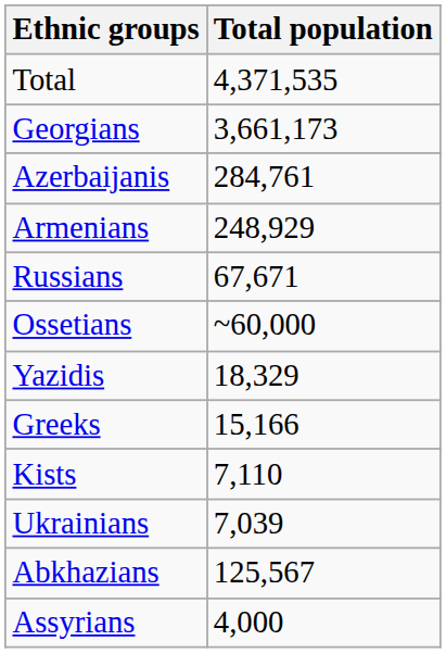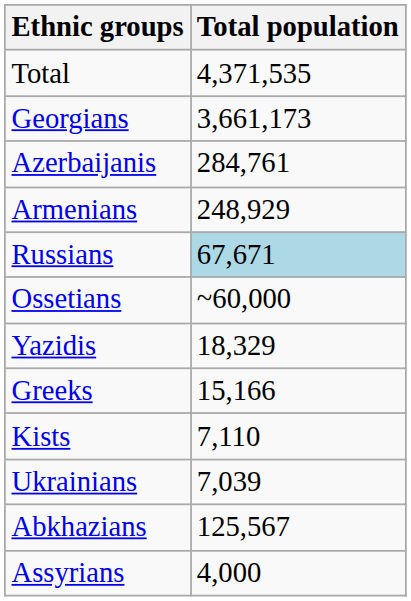 <table class="wikitable">
 <tr>
 <th>Ethnic groups</th>
 <th>Total population</th>
 </tr>
 <tr>
 <td>Total</td>
 <td>4,371,535</td>
 </tr>
 <tr>
 <td><a href='#'>Georgians</a></td>
 <td>3,661,173</td>
 </tr>
 <tr>
 <td><a href='#'>Azerbaijanis</a></td>
 <td>284,761</td>
 </tr>
 <tr>
 <td><a href='#'>Armenians</a></td>
 <td>248,929</td>
 </tr>
 <tr>
 <td><a href='#'>Russians</a></td>
-<td>67,671</td>
+<td style="background: lightblue;">67,671</td>
 </tr>
 <tr>
 <td><a href='#'>Ossetians</a></td>
 <td>~60,000</td>
 </tr>
 <tr>
 <td><a href='#'>Yazidis</a></td>
 <td>18,329</td>
 </tr>
 <tr>
 <td><a href='#'>Greeks</a></td>
 <td>15,166</td>
 </tr>
 <tr>
 <td><a href='#'>Kists</a></td>
 <td>7,110</td>
 </tr>
 <tr>
 <td><a href='#'>Ukrainians</a></td>
 <td>7,039</td>
 </tr>
 <tr>
 <td><a href='#'>Abkhazians</a></td>
 <td>125,567</td>
 </tr>
 <tr>
 <td><a href='#'>Assyrians</a></td>
 <td>4,000</td>
 </tr>
 </table>
